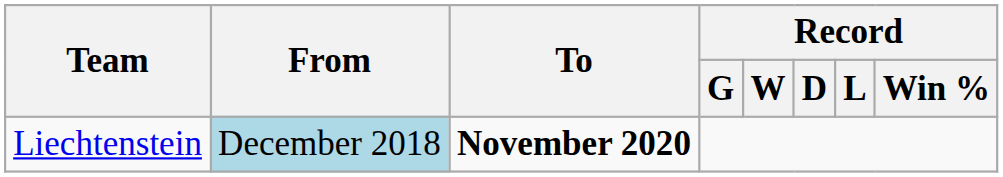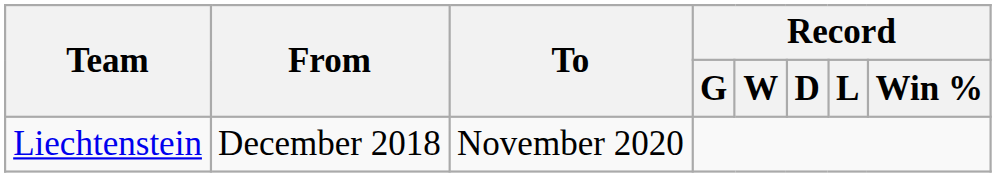 <table class="wikitable" style="text-align: center">
 <tr>
 <th rowspan="2">Team</th>
 <th rowspan="2">From</th>
 <th rowspan="2">To</th>
 <th colspan="5">Record</th>
 </tr>
 <tr>
 <th>G</th>
 <th>W</th>
 <th>D</th>
 <th>L</th>
 <th>Win %</th>
 </tr>
 <tr>
 <td align=left><a href='#'>Liechtenstein</a></td>
-<td align=left style="background: lightblue;">December 2018</td>
-<td align=left><strong>November 2020<br></strong></td>
+<td align=left>December 2018</td>
+<td align=left>November 2020<br></td>
 </tr>
 </table>
